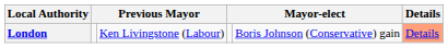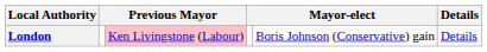 <table class="wikitable">
 <tr>
 <th scope="col">Local Authority</th>
 <th scope="col" colspan="2">Previous Mayor</th>
 <th scope="col" colspan="2">Mayor-elect</th>
 <th scope="col">Details</th>
 </tr>
 <tr>
 <th scope="row" style="text-align: left;"><a href='#'>London</a></th>
 <td></td>
-<td><a href='#'>Ken Livingstone</a> (<a href='#'>Labour</a>)</td>
+<td style="background: pink;"><a href='#'>Ken Livingstone</a> (<a href='#'>Labour</a>)</td>
 <td></td>
 <td><a href='#'>Boris Johnson</a> (<a href='#'>Conservative</a>) gain</td>
-<td style="background: lightsalmon;"><a href='#'>Details</a></td>
+<td><a href='#'>Details</a></td>
 </tr>
 </table>
